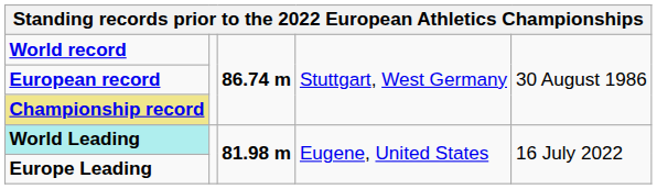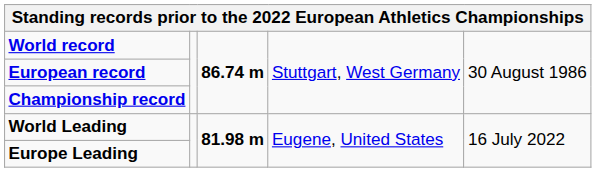 <table class="wikitable">
 <tr>
 <th colspan="5">Standing records prior to the 2022 European Athletics Championships</th>
 </tr>
 <tr>
 <td><strong><a href='#'>World record</a></strong></td>
 <td rowspan=3></td>
 <td rowspan=3><strong>86.74 m</strong> </td>
 <td rowspan=3><a href='#'>Stuttgart</a>, <a href='#'>West Germany</a></td>
 <td rowspan=3>30 August 1986</td>
 </tr>
 <tr>
 <td><strong><a href='#'>European record</a></strong></td>
 </tr>
 <tr>
-<td style="background: khaki;"><strong><a href='#'>Championship record</a></strong></td>
+<td><strong><a href='#'>Championship record</a></strong></td>
 </tr>
 <tr>
-<td style="background: paleturquoise;"><strong>World Leading</strong></td>
+<td><strong>World Leading</strong></td>
 <td rowspan=2></td>
 <td rowspan=2><strong>81.98 m</strong></td>
 <td rowspan=2><a href='#'>Eugene</a>, <a href='#'>United States</a></td>
 <td rowspan=2>16 July 2022</td>
 </tr>
 <tr>
 <td><strong>Europe Leading</strong></td>
 </tr>
 </table>
